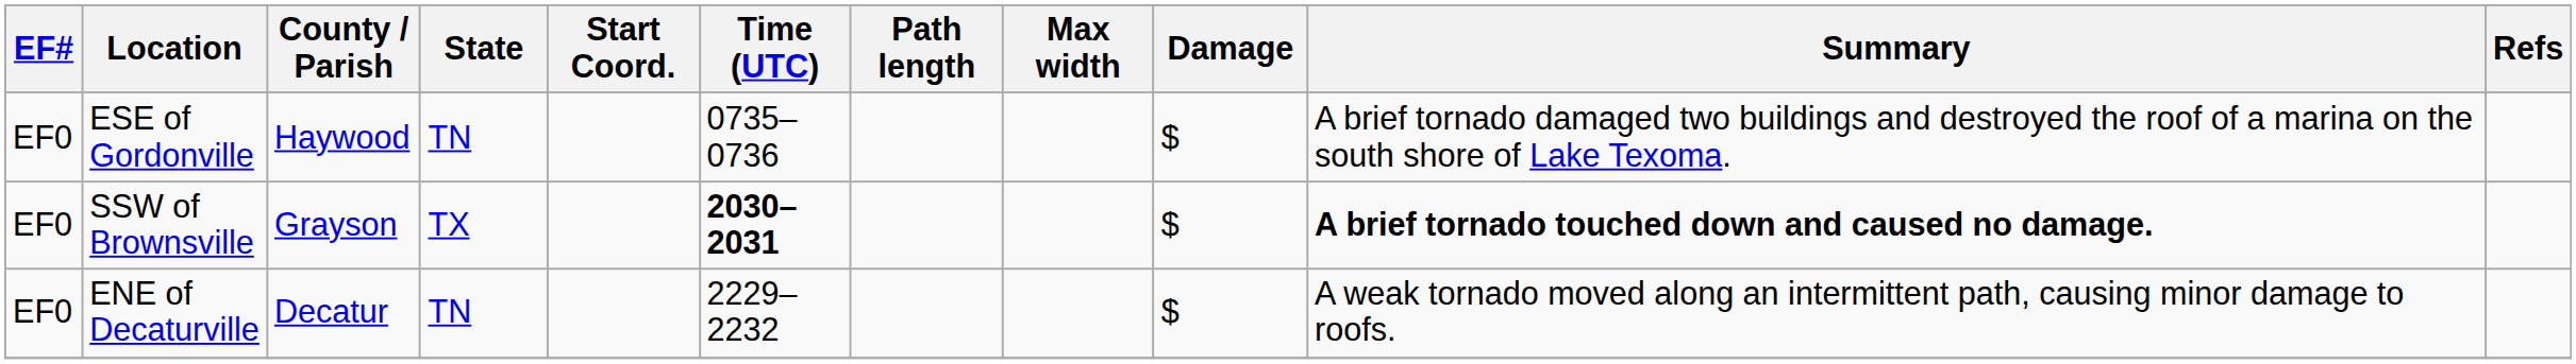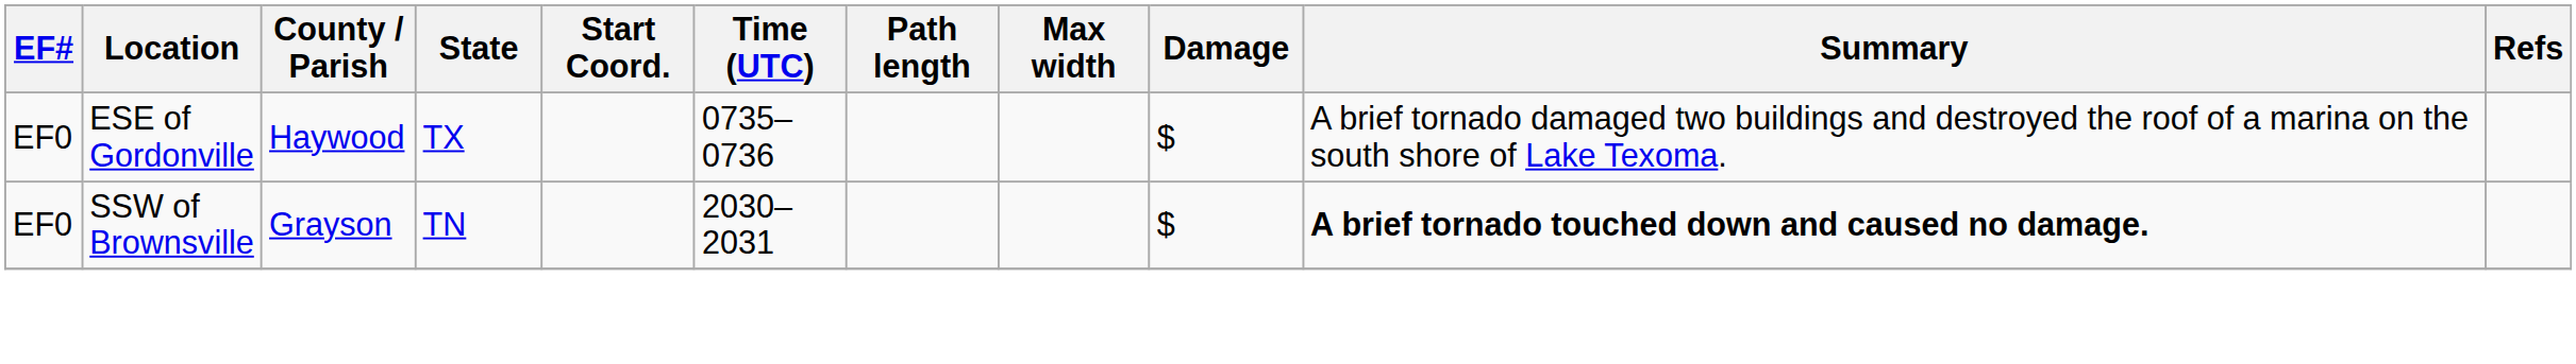 <table class="wikitable sortable" style="width:100%;">
 <tr>
 <th scope="col" width="3%" align="center"><a href='#'>EF#</a></th>
 <th scope="col" width="7%" align="center" class="unsortable">Location</th>
 <th scope="col" width="6%" align="center" class="unsortable">County / Parish</th>
 <th scope="col" width="5%" align="center">State</th>
 <th scope="col" width="6%" align="center">Start Coord.</th>
 <th scope="col" width="6%" align="center">Time (<a href='#'>UTC</a>)</th>
 <th scope="col" width="6%" align="center">Path length</th>
 <th scope="col" width="6%" align="center">Max width</th>
 <th scope="col" width="6%" align="center">Damage</th>
 <th scope="col" width="48%" class="unsortable" align="center">Summary</th>
 <th scope="col" width="48%" class="unsortable" align="center">Refs</th>
 </tr>
 <tr>
 <td>EF0</td>
 <td>ESE of <a href='#'>Gordonville</a></td>
 <td><a href='#'>Haywood</a></td>
-<td><a href='#'>TN</a></td>
+<td><a href='#'>TX</a></td>
 <td></td>
 <td>0735–0736</td>
 <td></td>
 <td></td>
 <td>$</td>
 <td>A brief tornado damaged two buildings and destroyed the roof of a marina on the south shore of <a href='#'>Lake Texoma</a>.</td>
 <td></td>
 </tr>
 <tr>
 <td>EF0</td>
 <td>SSW of <a href='#'>Brownsville</a></td>
 <td><a href='#'>Grayson</a></td>
-<td><a href='#'>TX</a></td>
+<td><a href='#'>TN</a></td>
 <td></td>
-<td><strong>2030–2031</strong></td>
+<td>2030–2031</td>
 <td></td>
 <td></td>
 <td>$</td>
 <td><strong>A brief tornado touched down and caused no damage.</strong></td>
 <td></td>
 </tr>
 <tr>
-<td>EF0</td>
-<td>ENE of <a href='#'>Decaturville</a></td>
-<td><a href='#'>Decatur</a></td>
-<td><a href='#'>TN</a></td>
-<td></td>
-<td>2229–2232</td>
-<td></td>
-<td></td>
-<td>$</td>
-<td>A weak tornado moved along an intermittent path, causing minor damage to roofs.</td>
-<td></td>
-</tr>
-<tr>
 </tr>
 </table>
